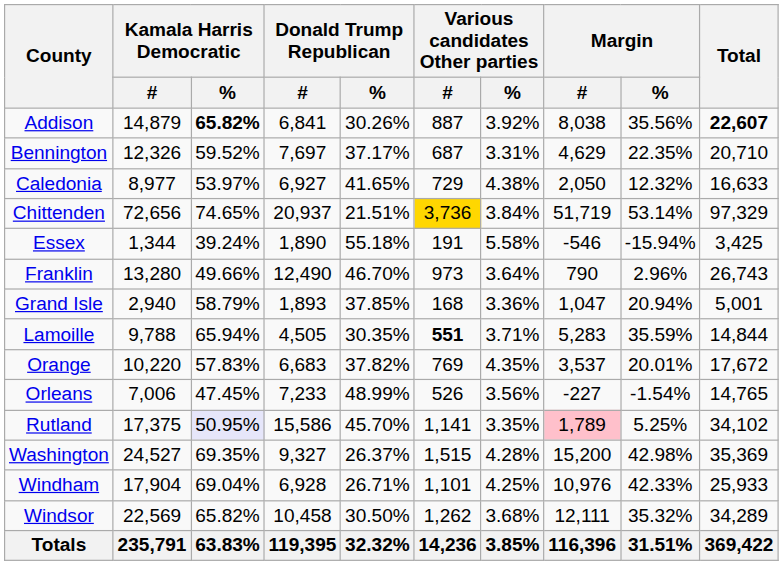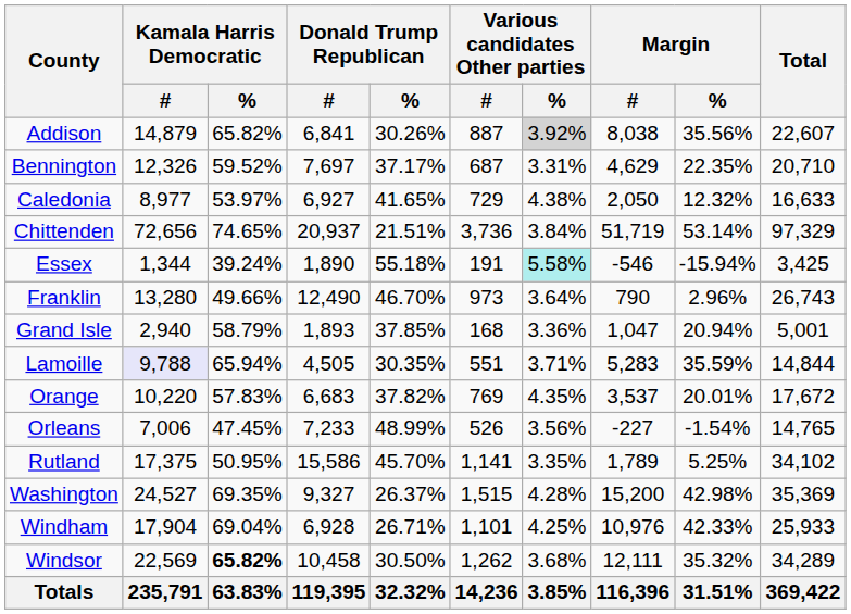 <table width="60%"  class="wikitable sortable" style="text-align:center">
 <tr>
 <th style="text-align:center;" rowspan="2">County</th>
 <th style="text-align:center;" colspan="2">Kamala Harris<br>Democratic</th>
 <th style="text-align:center;" colspan="2">Donald Trump<br>Republican</th>
 <th style="text-align:center;" colspan="2">Various candidates<br>Other parties</th>
 <th style="text-align:center;" colspan="2">Margin</th>
 <th style="text-align:center;" rowspan="2">Total</th>
 </tr>
 <tr>
 <th style="text-align:center;" data-sort-type="number">#</th>
 <th style="text-align:center;" data-sort-type="number">%</th>
 <th style="text-align:center;" data-sort-type="number">#</th>
 <th style="text-align:center;" data-sort-type="number">%</th>
 <th style="text-align:center;" data-sort-type="number">#</th>
 <th style="text-align:center;" data-sort-type="number">%</th>
 <th style="text-align:center;" data-sort-type="number">#</th>
 <th style="text-align:center;" data-sort-type="number">%</th>
 </tr>
 <tr style="text-align:center;">
 <td><a href='#'>Addison</a></td>
 <td>14,879</td>
-<td><strong>65.82%</strong></td>
+<td>65.82%</td>
 <td>6,841</td>
 <td>30.26%</td>
 <td>887</td>
-<td>3.92%</td>
+<td style="background: lightgrey;">3.92%</td>
 <td>8,038</td>
 <td>35.56%</td>
-<td><strong>22,607</strong></td>
+<td>22,607</td>
 </tr>
 <tr style="text-align:center;">
 <td><a href='#'>Bennington</a></td>
 <td>12,326</td>
 <td>59.52%</td>
 <td>7,697</td>
 <td>37.17%</td>
 <td>687</td>
 <td>3.31%</td>
 <td>4,629</td>
 <td>22.35%</td>
 <td>20,710</td>
 </tr>
 <tr style="text-align:center;">
 <td><a href='#'>Caledonia</a></td>
 <td>8,977</td>
 <td>53.97%</td>
 <td>6,927</td>
 <td>41.65%</td>
 <td>729</td>
 <td>4.38%</td>
 <td>2,050</td>
 <td>12.32%</td>
 <td>16,633</td>
 </tr>
 <tr style="text-align:center;">
 <td><a href='#'>Chittenden</a></td>
 <td>72,656</td>
 <td>74.65%</td>
 <td>20,937</td>
 <td>21.51%</td>
-<td style="background: gold;">3,736</td>
+<td>3,736</td>
 <td>3.84%</td>
 <td>51,719</td>
 <td>53.14%</td>
 <td>97,329</td>
 </tr>
 <tr style="text-align:center;">
 <td><a href='#'>Essex</a></td>
 <td>1,344</td>
 <td>39.24%</td>
 <td>1,890</td>
 <td>55.18%</td>
 <td>191</td>
-<td>5.58%</td>
+<td style="background: paleturquoise;">5.58%</td>
 <td>-546</td>
 <td>-15.94%</td>
 <td>3,425</td>
 </tr>
 <tr style="text-align:center;">
 <td><a href='#'>Franklin</a></td>
 <td>13,280</td>
 <td>49.66%</td>
 <td>12,490</td>
 <td>46.70%</td>
 <td>973</td>
 <td>3.64%</td>
 <td>790</td>
 <td>2.96%</td>
 <td>26,743</td>
 </tr>
 <tr style="text-align:center;">
 <td><a href='#'>Grand Isle</a></td>
 <td>2,940</td>
 <td>58.79%</td>
 <td>1,893</td>
 <td>37.85%</td>
 <td>168</td>
 <td>3.36%</td>
 <td>1,047</td>
 <td>20.94%</td>
 <td>5,001</td>
 </tr>
 <tr style="text-align:center;">
 <td><a href='#'>Lamoille</a></td>
-<td>9,788</td>
+<td style="background: lavender;">9,788</td>
 <td>65.94%</td>
 <td>4,505</td>
 <td>30.35%</td>
-<td><strong>551</strong></td>
+<td>551</td>
 <td>3.71%</td>
 <td>5,283</td>
 <td>35.59%</td>
 <td>14,844</td>
 </tr>
 <tr style="text-align:center;">
 <td><a href='#'>Orange</a></td>
 <td>10,220</td>
 <td>57.83%</td>
 <td>6,683</td>
 <td>37.82%</td>
 <td>769</td>
 <td>4.35%</td>
 <td>3,537</td>
 <td>20.01%</td>
 <td>17,672</td>
 </tr>
 <tr style="text-align:center;">
 <td><a href='#'>Orleans</a></td>
 <td>7,006</td>
 <td>47.45%</td>
 <td>7,233</td>
 <td>48.99%</td>
 <td>526</td>
 <td>3.56%</td>
 <td>-227</td>
 <td>-1.54%</td>
 <td>14,765</td>
 </tr>
 <tr style="text-align:center;">
 <td><a href='#'>Rutland</a></td>
 <td>17,375</td>
-<td style="background: lavender;">50.95%</td>
+<td>50.95%</td>
 <td>15,586</td>
 <td>45.70%</td>
 <td>1,141</td>
 <td>3.35%</td>
-<td style="background: pink;">1,789</td>
+<td>1,789</td>
 <td>5.25%</td>
 <td>34,102</td>
 </tr>
 <tr style="text-align:center;">
 <td><a href='#'>Washington</a></td>
 <td>24,527</td>
 <td>69.35%</td>
 <td>9,327</td>
 <td>26.37%</td>
 <td>1,515</td>
 <td>4.28%</td>
 <td>15,200</td>
 <td>42.98%</td>
 <td>35,369</td>
 </tr>
 <tr style="text-align:center;">
 <td><a href='#'>Windham</a></td>
 <td>17,904</td>
 <td>69.04%</td>
 <td>6,928</td>
 <td>26.71%</td>
 <td>1,101</td>
 <td>4.25%</td>
 <td>10,976</td>
 <td>42.33%</td>
 <td>25,933</td>
 </tr>
 <tr style="text-align:center;">
 <td><a href='#'>Windsor</a></td>
 <td>22,569</td>
-<td>65.82%</td>
+<td><strong>65.82%</strong></td>
 <td>10,458</td>
 <td>30.50%</td>
 <td>1,262</td>
 <td>3.68%</td>
 <td>12,111</td>
 <td>35.32%</td>
 <td>34,289</td>
 </tr>
 <tr>
 <th>Totals</th>
 <th>235,791</th>
 <th>63.83%</th>
 <th>119,395</th>
 <th>32.32%</th>
 <th>14,236</th>
 <th>3.85%</th>
 <th>116,396</th>
 <th>31.51%</th>
 <th>369,422</th>
 </tr>
 </table>
